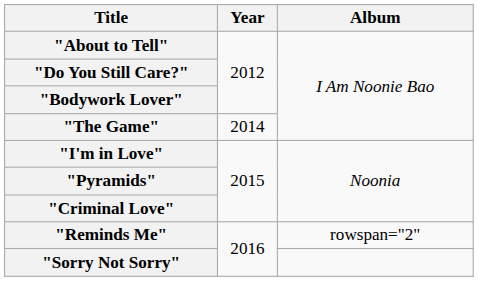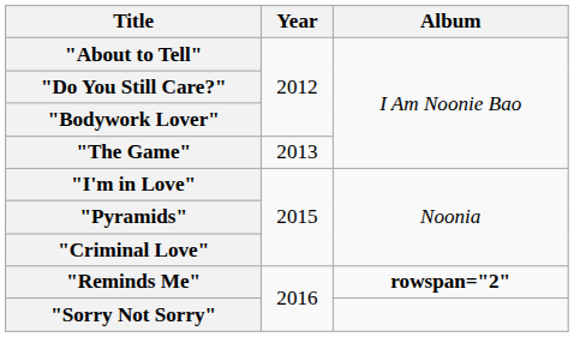 <table class="wikitable plainrowheaders" style="text-align:center;">
 <tr>
 <th scope="col" style="width:12em;">Title</th>
 <th scope="col" style="width:3em;">Year</th>
 <th scope="col" style="width:11em;">Album</th>
 </tr>
 <tr>
 <th scope="row">"About to Tell"</th>
 <td rowspan="3">2012</td>
 <td rowspan="4"><em>I Am Noonie Bao</em></td>
 </tr>
 <tr>
 <th scope="row">"Do You Still Care?"</th>
 </tr>
 <tr>
 <th scope="row">"Bodywork Lover"</th>
 </tr>
 <tr>
 <th scope="row">"The Game"</th>
-<td>2014</td>
+<td>2013</td>
 </tr>
 <tr>
 <th scope="row">"I'm in Love"</th>
 <td rowspan="3">2015</td>
 <td rowspan="3"><em>Noonia</em></td>
 </tr>
 <tr>
 <th scope="row">"Pyramids"</th>
 </tr>
 <tr>
 <th scope="row">"Criminal Love"</th>
 </tr>
 <tr>
 <th scope="row">"Reminds Me"</th>
 <td rowspan="2">2016</td>
-<td>rowspan="2" </td>
+<td><strong>rowspan="2" </strong></td>
 </tr>
 <tr>
 <th scope="row">"Sorry Not Sorry"</th>
 </tr>
 </table>
